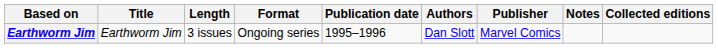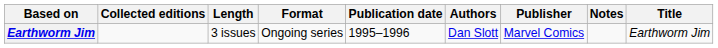 <table class="wikitable mw-collapsible">
 <tr>
 <th>Based on</th>
-<th>Title</th>
+<th>Collected editions</th>
 <th>Length</th>
 <th>Format</th>
 <th>Publication date</th>
 <th>Authors</th>
 <th>Publisher</th>
 <th>Notes</th>
-<th>Collected editions</th>
+<th>Title</th>
 </tr>
 <tr>
 <th><em><a href='#'>Earthworm Jim</a></em></th>
-<td><em>Earthworm Jim</em></td>
+<td></td>
 <td>3 issues</td>
 <td>Ongoing series</td>
 <td>1995–1996</td>
 <td><a href='#'>Dan Slott</a></td>
 <td><a href='#'>Marvel Comics</a></td>
 <td></td>
-<td></td>
+<td><em>Earthworm Jim</em></td>
 </tr>
 </table>
